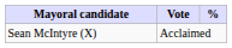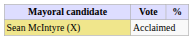 <table class="wikitable">
 <tr>
 <th style="background:#ddf; width:200px;">Mayoral candidate</th>
 <th style="background:#ddf; width:50px;">Vote</th>
 <th style="background:#ddf; width:30px;">%</th>
 </tr>
 <tr>
-<td>Sean McIntyre (X)</td>
+<td style="background: khaki;">Sean McIntyre (X)</td>
 <td colspan="2">Acclaimed</td>
 </tr>
 </table>
